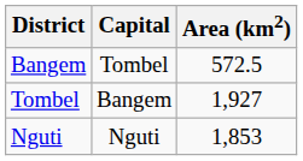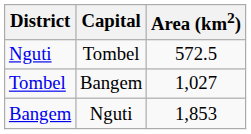 <table class="wikitable sortable">
 <tr>
 <th align="left">District</th>
 <th>Capital</th>
 <th>Area (km<sup>2</sup>)</th>
 </tr>
 <tr>
-<td align="left"><a href='#'>Bangem</a></td>
+<td align="left"><a href='#'>Nguti</a></td>
 <td align="center">Tombel</td>
 <td align="center">572.5</td>
 </tr>
 <tr>
 <td align="left"><a href='#'>Tombel</a></td>
 <td align="center">Bangem</td>
-<td align="center">1,927</td>
+<td align="center">1,027</td>
 </tr>
 <tr>
-<td align="left"><a href='#'>Nguti</a></td>
+<td align="left"><a href='#'>Bangem</a></td>
 <td align="center">Nguti</td>
 <td align="center">1,853</td>
 </tr>
 </table>
